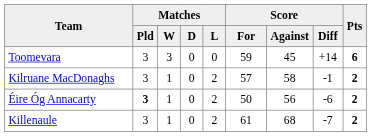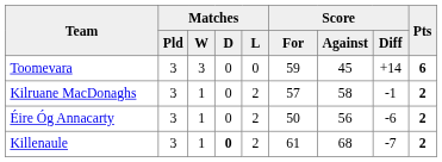 <table style=border-collapse:collapse border=1 cellspacing=0 cellpadding=5>
 <tr align=center bgcolor=#efefef>
 <th rowspan=2 width=165>Team</th>
 <th colspan=4>Matches</th>
 <th colspan=3>Score</th>
 <th rowspan=2width=20>Pts</th>
 </tr>
 <tr align=center bgcolor=#efefef>
 <th width=20>Pld</th>
 <th width=20>W</th>
 <th width=20>D</th>
 <th width=20>L</th>
 <th width=45>For</th>
 <th width=45>Against</th>
 <th width=30>Diff</th>
 </tr>
 <tr align=center>
 <td style="text-align:left;"><a href='#'>Toomevara</a></td>
 <td>3</td>
 <td>3</td>
 <td>0</td>
 <td>0</td>
 <td>59</td>
 <td>45</td>
 <td>+14</td>
 <td><strong>6</strong></td>
 </tr>
 <tr align=center>
 <td style="text-align:left;"><a href='#'>Kilruane MacDonaghs</a></td>
 <td>3</td>
 <td>1</td>
 <td>0</td>
 <td>2</td>
 <td>57</td>
 <td>58</td>
 <td>-1</td>
 <td><strong>2</strong></td>
 </tr>
 <tr align=center>
 <td style="text-align:left;"><a href='#'>Éire Óg Annacarty</a></td>
-<td><strong>3</strong></td>
+<td>3</td>
 <td>1</td>
 <td>0</td>
 <td>2</td>
 <td>50</td>
 <td>56</td>
 <td>-6</td>
 <td><strong>2</strong></td>
 </tr>
 <tr align=center>
 <td style="text-align:left;"><a href='#'>Killenaule</a></td>
 <td>3</td>
 <td>1</td>
-<td>0</td>
+<td><strong>0</strong></td>
 <td>2</td>
 <td>61</td>
 <td>68</td>
 <td>-7</td>
 <td><strong>2</strong></td>
 </tr>
 </table>
